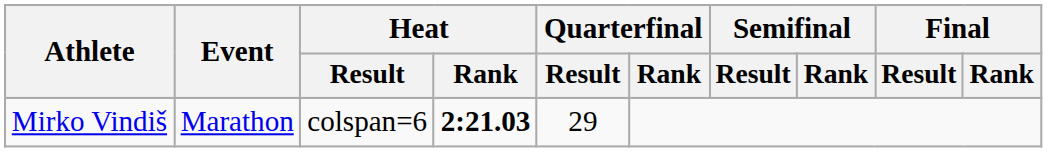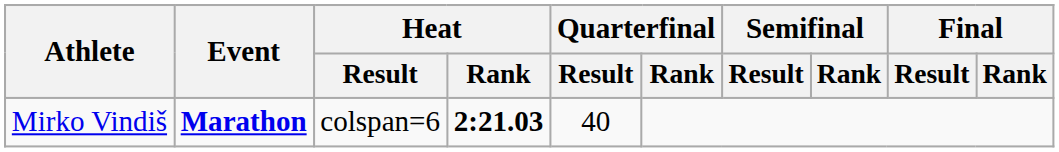 <table class="wikitable" style="font-size:90%">
 <tr>
 <th rowspan="2">Athlete</th>
 <th rowspan="2">Event</th>
 <th colspan="2">Heat</th>
 <th colspan="2">Quarterfinal</th>
 <th colspan="2">Semifinal</th>
 <th colspan="2">Final</th>
 </tr>
 <tr style="font-size:95%">
 <th>Result</th>
 <th>Rank</th>
 <th>Result</th>
 <th>Rank</th>
 <th>Result</th>
 <th>Rank</th>
 <th>Result</th>
 <th>Rank</th>
 </tr>
 <tr align=center>
 <td align=left><a href='#'>Mirko Vindiš</a></td>
-<td align=left><a href='#'>Marathon</a></td>
+<td align=left><strong><a href='#'>Marathon</a></strong></td>
 <td>colspan=6 </td>
 <td><strong>2:21.03</strong></td>
-<td>29</td>
+<td>40</td>
 </tr>
 </table>
